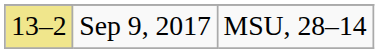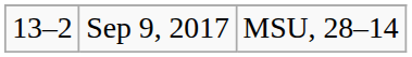 <table class="wikitable">
 <tr align="center">
 </tr>
 <tr align="center">
-<td style="background: khaki;">13–2</td>
+<td>13–2</td>
 <td>Sep 9, 2017</td>
 <td>MSU, 28–14</td>
 </tr>
 </table>
